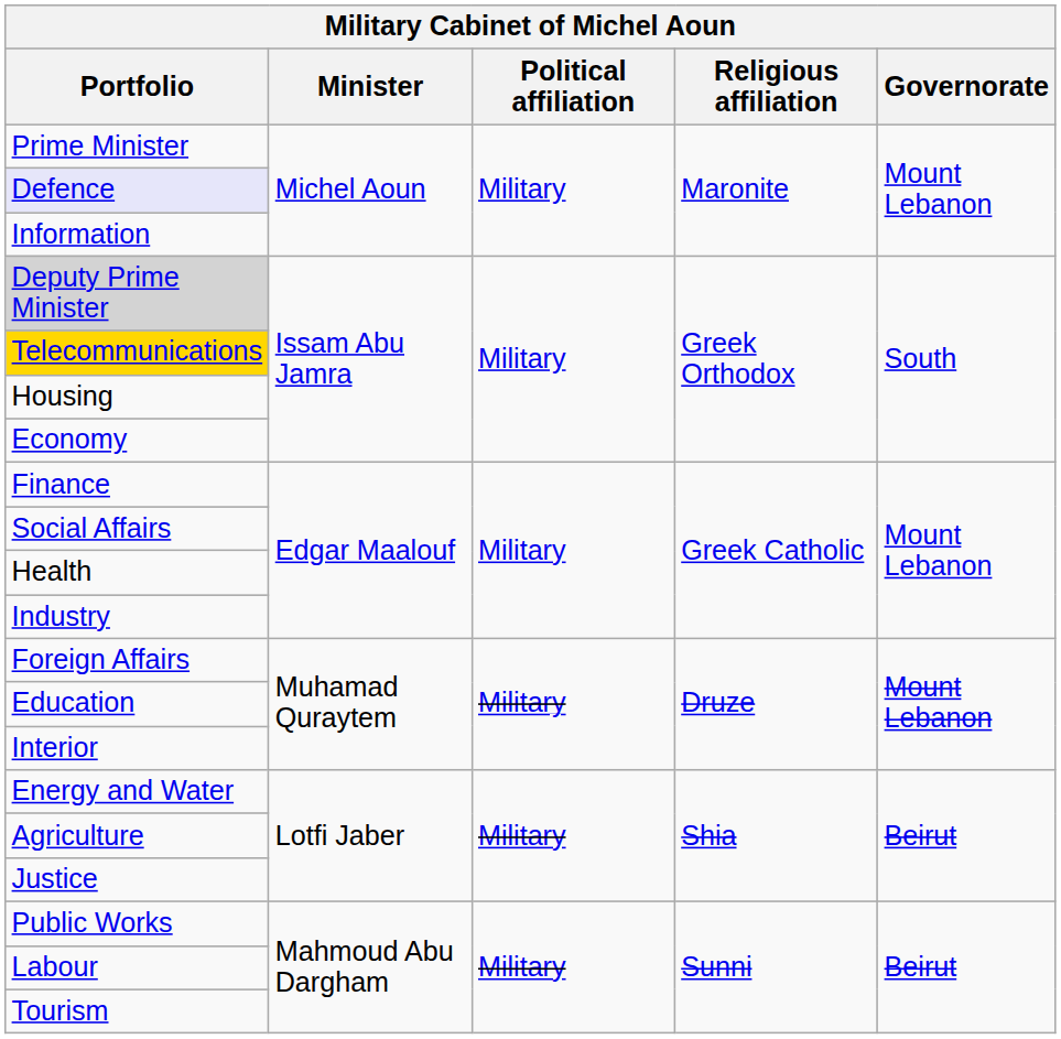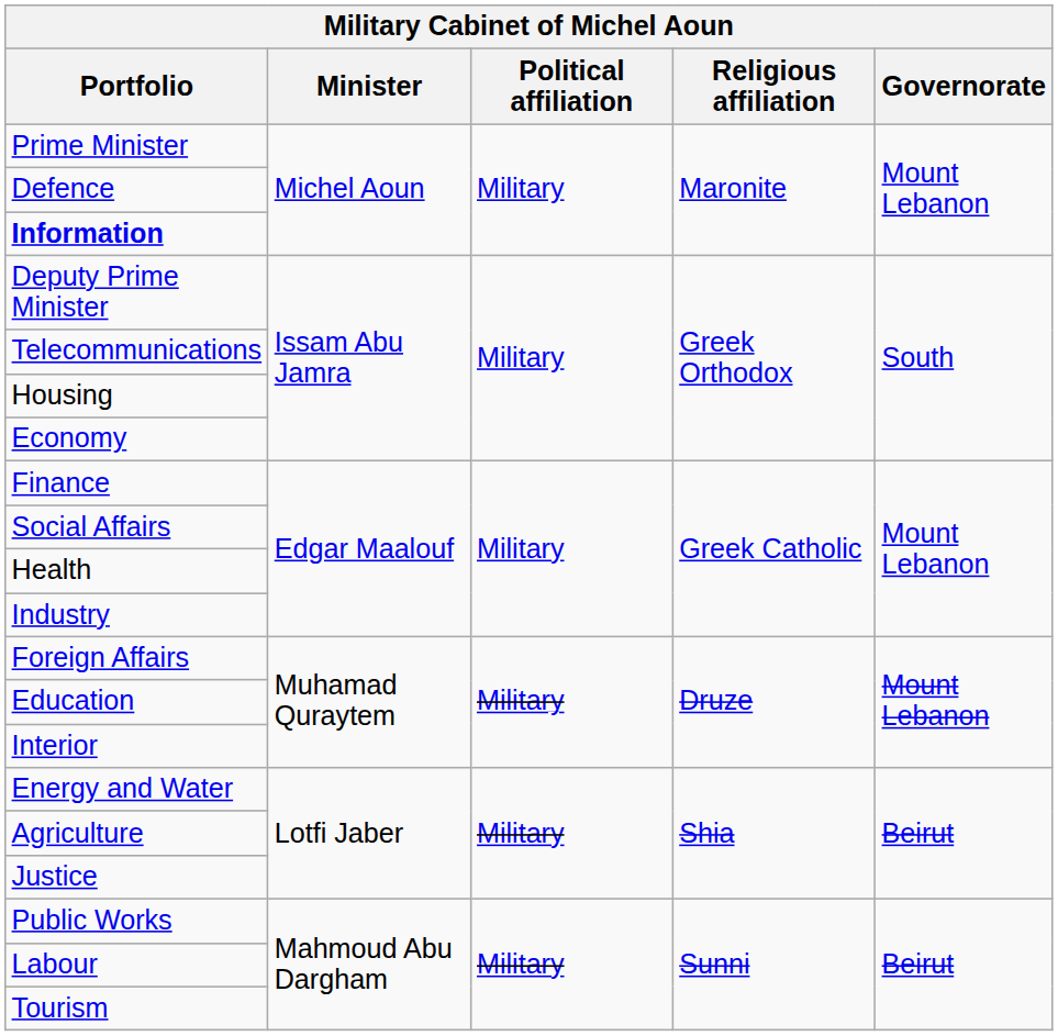 <table class="wikitable">
 <tr>
 <th colspan="5">Military Cabinet of Michel Aoun</th>
 </tr>
 <tr>
 <th width="25%">Portfolio</th>
 <th width="20%">Minister</th>
 <th width="20%">Political affiliation</th>
 <th width="20%">Religious affiliation</th>
 <th width="20%">Governorate</th>
 </tr>
 <tr>
 <td><a href='#'>Prime Minister</a></td>
 <td rowspan="3"><a href='#'>Michel Aoun</a></td>
 <td rowspan="3"> <a href='#'>Military</a></td>
 <td rowspan="3"><a href='#'>Maronite</a></td>
 <td rowspan="3"><a href='#'>Mount Lebanon</a></td>
 </tr>
 <tr>
-<td style="background: lavender;"><a href='#'>Defence</a></td>
+<td><a href='#'>Defence</a></td>
 </tr>
 <tr>
-<td><a href='#'>Information</a></td>
+<td><strong><a href='#'>Information</a></strong></td>
 </tr>
 <tr>
-<td style="background: lightgrey;"><a href='#'>Deputy Prime Minister</a></td>
+<td><a href='#'>Deputy Prime Minister</a></td>
 <td rowspan="4"><a href='#'>Issam Abu Jamra</a></td>
 <td rowspan="4"> <a href='#'>Military</a></td>
 <td rowspan="4"><a href='#'>Greek Orthodox</a></td>
 <td rowspan="4"><a href='#'>South</a></td>
 </tr>
 <tr>
-<td style="background: gold;"><a href='#'>Telecommunications</a></td>
+<td><a href='#'>Telecommunications</a></td>
 </tr>
 <tr>
 <td>Housing</td>
 </tr>
 <tr>
 <td><a href='#'>Economy</a></td>
 </tr>
 <tr>
 <td><a href='#'>Finance</a></td>
 <td rowspan="4"><a href='#'>Edgar Maalouf</a></td>
 <td rowspan="4"> <a href='#'>Military</a></td>
 <td rowspan="4"><a href='#'>Greek Catholic</a></td>
 <td rowspan="4"><a href='#'>Mount Lebanon</a></td>
 </tr>
 <tr>
 <td><a href='#'>Social Affairs</a></td>
 </tr>
 <tr>
 <td>Health</td>
 </tr>
 <tr>
 <td><a href='#'>Industry</a></td>
 </tr>
 <tr>
 <td><a href='#'>Foreign Affairs</a></td>
 <td rowspan="3">Muhamad Quraytem</td>
 <td rowspan="3"><s> <a href='#'>Military</a></s></td>
 <td rowspan="3"><a href='#'><s>Druze</s></a></td>
 <td rowspan="3"><a href='#'><s>Mount Lebanon</s></a></td>
 </tr>
 <tr>
 <td><a href='#'>Education</a></td>
 </tr>
 <tr>
 <td><a href='#'>Interior</a></td>
 </tr>
 <tr>
 <td><a href='#'>Energy and Water</a></td>
 <td rowspan="3">Lotfi Jaber</td>
 <td rowspan="3"><s> <a href='#'>Military</a></s></td>
 <td rowspan="3"><a href='#'><s>Shia</s></a></td>
 <td rowspan="3"><a href='#'><s>Beirut</s></a></td>
 </tr>
 <tr>
 <td><a href='#'>Agriculture</a></td>
 </tr>
 <tr>
 <td><a href='#'>Justice</a></td>
 </tr>
 <tr>
 <td><a href='#'>Public Works</a></td>
 <td rowspan="3">Mahmoud Abu Dargham</td>
 <td rowspan="3"><s> <a href='#'>Military</a></s></td>
 <td rowspan="3"><a href='#'><s>Sunni</s></a></td>
 <td rowspan="3"><a href='#'><s>Beirut</s></a></td>
 </tr>
 <tr>
 <td><a href='#'>Labour</a></td>
 </tr>
 <tr>
 <td><a href='#'>Tourism</a></td>
 </tr>
 </table>
